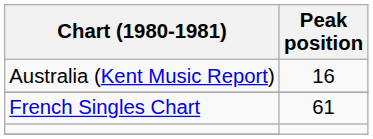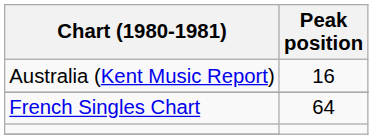 <table class="wikitable sortable">
 <tr>
 <th>Chart (1980-1981)</th>
 <th>Peak<br>position</th>
 </tr>
 <tr>
 <td>Australia (<a href='#'>Kent Music Report</a>)</td>
 <td style="text-align:center;">16</td>
 </tr>
 <tr>
 </tr>
 <tr>
 <td><a href='#'>French Singles Chart</a></td>
-<td style="text-align:center;">61</td>
+<td style="text-align:center;">64</td>
 </tr>
 <tr>
 <td></td>
 </tr>
 <tr>
 </tr>
 <tr>
 </tr>
 <tr>
 </tr>
 <tr>
 </tr>
 </table>
